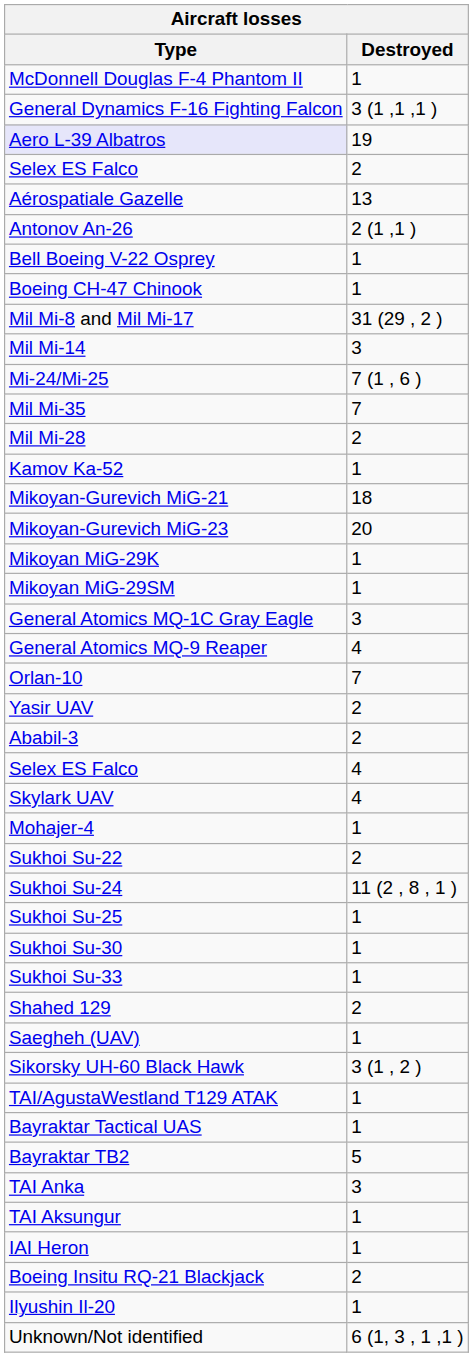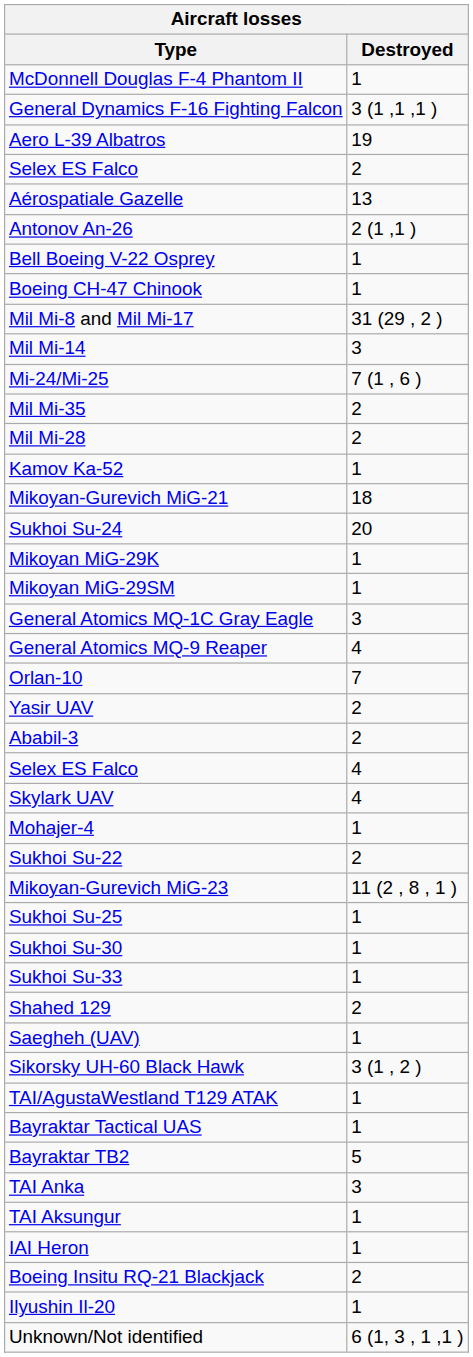 <table class="wikitable sortable">
 <tr>
 <th colspan="2">Aircraft losses</th>
 </tr>
 <tr>
 <th>Type</th>
 <th data-sort-type="number">Destroyed</th>
 </tr>
 <tr>
 <td><a href='#'>McDonnell Douglas F-4 Phantom II</a></td>
 <td>1 </td>
 </tr>
 <tr>
 <td><a href='#'>General Dynamics F-16 Fighting Falcon</a></td>
 <td>3 (1 ,1 ,1 )</td>
 </tr>
 <tr>
-<td style="background: lavender;"><a href='#'>Aero L-39 Albatros</a></td>
+<td><a href='#'>Aero L-39 Albatros</a></td>
 <td>19 </td>
 </tr>
 <tr>
 <td><a href='#'>Selex ES Falco</a></td>
 <td>2 </td>
 </tr>
 <tr>
 <td><a href='#'>Aérospatiale Gazelle</a></td>
 <td>13 </td>
 </tr>
 <tr>
 <td><a href='#'>Antonov An-26</a></td>
 <td>2 (1 ,1 )</td>
 </tr>
 <tr>
 <td><a href='#'>Bell Boeing V-22 Osprey</a></td>
 <td>1 </td>
 </tr>
 <tr>
 <td><a href='#'>Boeing CH-47 Chinook</a></td>
 <td>1 </td>
 </tr>
 <tr>
 <td><a href='#'>Mil Mi-8</a> and <a href='#'>Mil Mi-17</a></td>
 <td>31 (29 , 2 )</td>
 </tr>
 <tr>
 <td><a href='#'>Mil Mi-14</a></td>
 <td>3 </td>
 </tr>
 <tr>
 <td><a href='#'>Mi-24/Mi-25</a></td>
 <td>7 (1 , 6 )</td>
 </tr>
 <tr>
 <td><a href='#'>Mil Mi-35</a></td>
-<td>7 </td>
+<td>2 </td>
 </tr>
 <tr>
 <td><a href='#'>Mil Mi-28</a></td>
 <td>2 </td>
 </tr>
 <tr>
 <td><a href='#'>Kamov Ka-52</a></td>
 <td>1 </td>
 </tr>
 <tr>
 <td><a href='#'>Mikoyan-Gurevich MiG-21</a></td>
 <td>18 </td>
 </tr>
 <tr>
-<td><a href='#'>Mikoyan-Gurevich MiG-23</a></td>
+<td><a href='#'>Sukhoi Su-24</a></td>
 <td>20 </td>
 </tr>
 <tr>
 <td><a href='#'>Mikoyan MiG-29K</a></td>
 <td>1 </td>
 </tr>
 <tr>
 <td><a href='#'>Mikoyan MiG-29SM</a></td>
 <td>1 </td>
 </tr>
 <tr>
 <td><a href='#'>General Atomics MQ-1C Gray Eagle</a></td>
 <td>3 </td>
 </tr>
 <tr>
 <td><a href='#'>General Atomics MQ-9 Reaper</a></td>
 <td>4 </td>
 </tr>
 <tr>
 <td><a href='#'>Orlan-10</a></td>
 <td>7 </td>
 </tr>
 <tr>
 <td><a href='#'>Yasir UAV</a></td>
 <td>2 </td>
 </tr>
 <tr>
 <td><a href='#'>Ababil-3</a></td>
 <td>2 </td>
 </tr>
 <tr>
 <td><a href='#'>Selex ES Falco</a></td>
 <td>4 </td>
 </tr>
 <tr>
 <td><a href='#'>Skylark UAV</a></td>
 <td>4 </td>
 </tr>
 <tr>
 <td><a href='#'>Mohajer-4</a></td>
 <td>1 </td>
 </tr>
 <tr>
 <td><a href='#'>Sukhoi Su-22</a></td>
 <td>2 </td>
 </tr>
 <tr>
-<td><a href='#'>Sukhoi Su-24</a></td>
+<td><a href='#'>Mikoyan-Gurevich MiG-23</a></td>
 <td>11 (2 , 8 , 1 )</td>
 </tr>
 <tr>
 <td><a href='#'>Sukhoi Su-25</a></td>
 <td>1 </td>
 </tr>
 <tr>
 <td><a href='#'>Sukhoi Su-30</a></td>
 <td>1 </td>
 </tr>
 <tr>
 <td><a href='#'>Sukhoi Su-33</a></td>
 <td>1 </td>
 </tr>
 <tr>
 <td><a href='#'>Shahed 129</a></td>
 <td>2 </td>
 </tr>
 <tr>
 <td><a href='#'>Saegheh (UAV)</a></td>
 <td>1 </td>
 </tr>
 <tr>
 <td><a href='#'>Sikorsky UH-60 Black Hawk</a></td>
 <td>3 (1 , 2 )</td>
 </tr>
 <tr>
 <td><a href='#'>TAI/AgustaWestland T129 ATAK</a></td>
 <td>1 </td>
 </tr>
 <tr>
 <td><a href='#'>Bayraktar Tactical UAS</a></td>
 <td>1 </td>
 </tr>
 <tr>
 <td><a href='#'>Bayraktar TB2</a></td>
 <td>5 </td>
 </tr>
 <tr>
 <td><a href='#'>TAI Anka</a></td>
 <td>3 </td>
 </tr>
 <tr>
 <td><a href='#'>TAI Aksungur</a></td>
 <td>1 </td>
 </tr>
 <tr>
 <td><a href='#'>IAI Heron</a></td>
 <td>1 </td>
 </tr>
 <tr>
 <td><a href='#'>Boeing Insitu RQ-21 Blackjack</a></td>
 <td>2 </td>
 </tr>
 <tr>
 <td><a href='#'>Ilyushin Il-20</a></td>
 <td>1 </td>
 </tr>
 <tr>
 <td>Unknown/Not identified</td>
 <td>6 (1, 3 , 1 ,1 )</td>
 </tr>
 </table>
